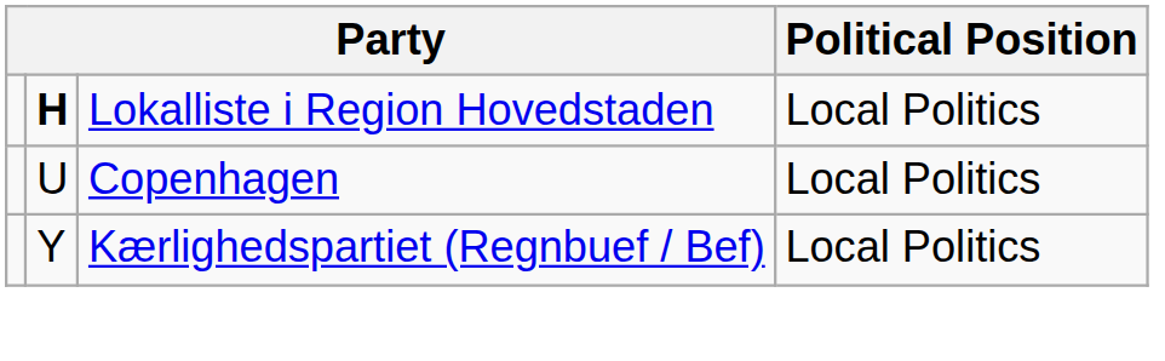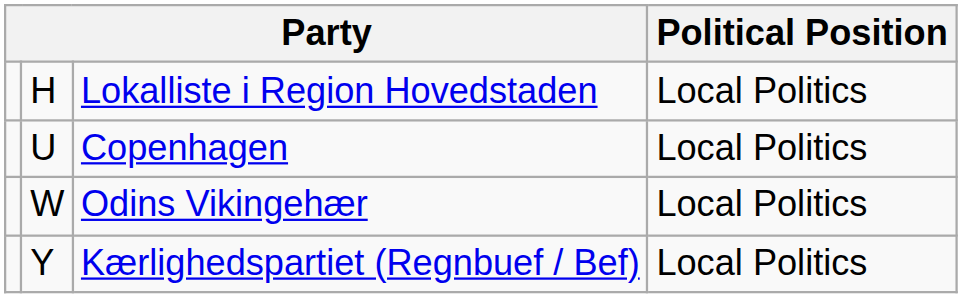 <table class="wikitable mw-collapsible mw-collapsed">
 <tr>
 <th colspan="3">Party</th>
 <th>Political Position</th>
 </tr>
 <tr>
 <td></td>
-<td><strong>H</strong></td>
+<td>H</td>
 <td><a href='#'>Lokalliste i Region Hovedstaden</a></td>
 <td>Local Politics</td>
 </tr>
 <tr>
 <td></td>
 <td>U</td>
 <td><a href='#'>Copenhagen</a></td>
 <td>Local Politics</td>
 </tr>
 <tr>
 <td></td>
+<td>W</td>
+<td><a href='#'>Odins Vikingehær</a></td>
+<td>Local Politics</td>
+</tr>
+<tr>
+<td></td>
 <td>Y</td>
 <td><a href='#'>Kærlighedspartiet (Regnbuef / Bef)</a></td>
 <td>Local Politics</td>
 </tr>
 </table>
